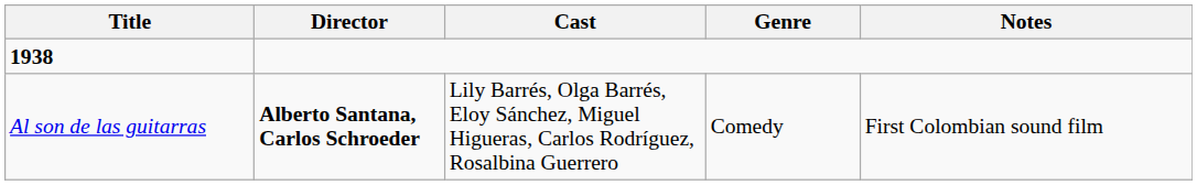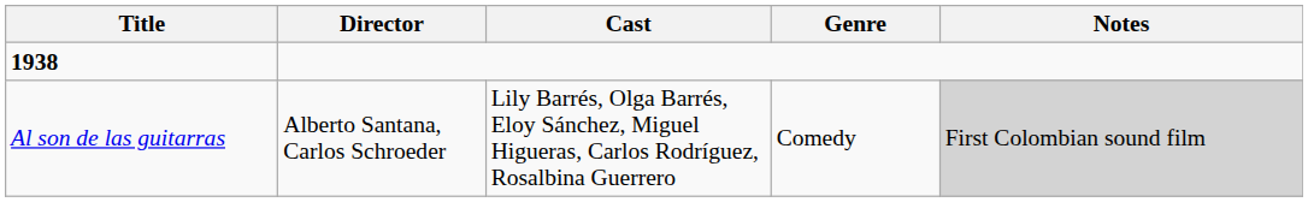 <table class="wikitable" width= "100%">
 <tr>
 <th width=21%>Title</th>
 <th width=16%>Director</th>
 <th width=22%>Cast</th>
 <th width=13%>Genre</th>
 <th width=28%>Notes</th>
 </tr>
 <tr>
 <td><strong>1938</strong></td>
 </tr>
 <tr>
 <td><em><a href='#'>Al son de las guitarras</a></em></td>
-<td><strong>Alberto Santana, Carlos Schroeder</strong></td>
+<td>Alberto Santana, Carlos Schroeder</td>
 <td>Lily Barrés, Olga Barrés, Eloy Sánchez, Miguel Higueras, Carlos Rodríguez, Rosalbina Guerrero</td>
 <td>Comedy</td>
-<td>First Colombian sound film</td>
+<td style="background: lightgrey;">First Colombian sound film</td>
 </tr>
 </table>
